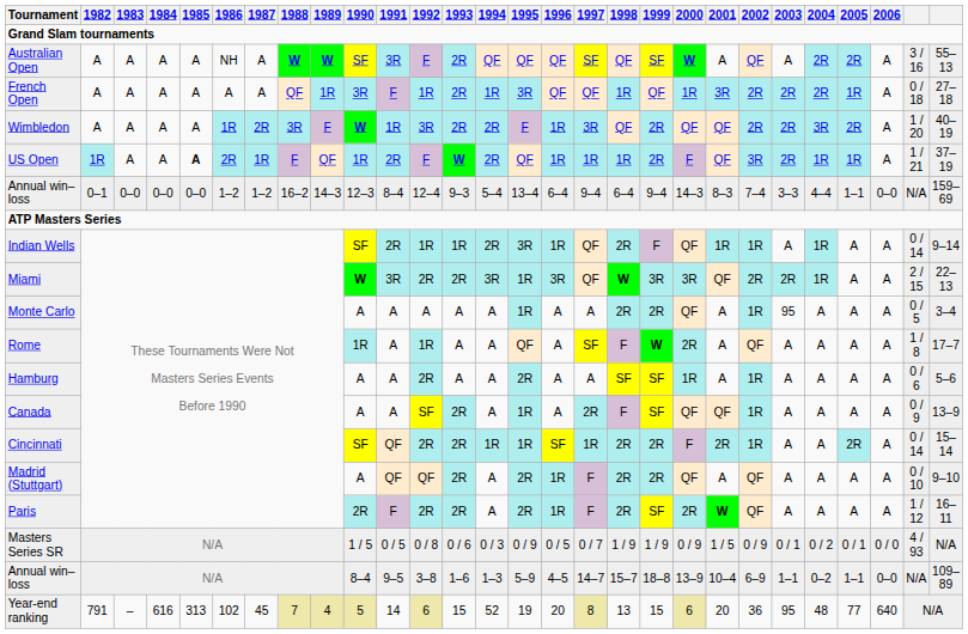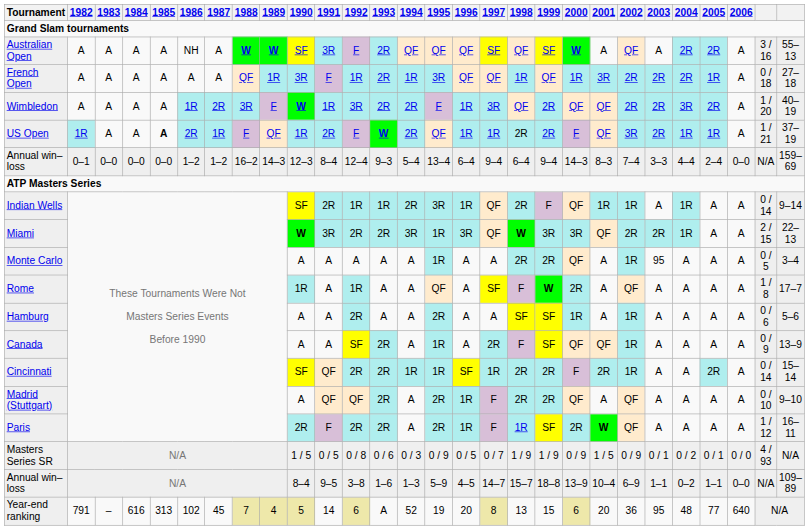 <table class="wikitable style=text-align:center;font-size:97%">
 <tr>
 <th>Tournament</th>
 <th><a href='#'>1982</a></th>
 <th><a href='#'>1983</a></th>
 <th><a href='#'>1984</a></th>
 <th><a href='#'>1985</a></th>
 <th><a href='#'>1986</a></th>
 <th><a href='#'>1987</a></th>
 <th><a href='#'>1988</a></th>
 <th><a href='#'>1989</a></th>
 <th><a href='#'>1990</a></th>
 <th><a href='#'>1991</a></th>
 <th><a href='#'>1992</a></th>
 <th><a href='#'>1993</a></th>
 <th><a href='#'>1994</a></th>
 <th><a href='#'>1995</a></th>
 <th><a href='#'>1996</a></th>
 <th><a href='#'>1997</a></th>
 <th><a href='#'>1998</a></th>
 <th><a href='#'>1999</a></th>
 <th><a href='#'>2000</a></th>
 <th><a href='#'>2001</a></th>
 <th><a href='#'>2002</a></th>
 <th><a href='#'>2003</a></th>
 <th><a href='#'>2004</a></th>
 <th><a href='#'>2005</a></th>
 <th><a href='#'>2006</a></th>
 <th></th>
 <th></th>
 </tr>
 <tr>
 <td colspan="29"><strong>Grand Slam tournaments</strong></td>
 </tr>
 <tr>
 <td bgcolor="#efefef"><a href='#'>Australian Open</a></td>
 <td align="center">A</td>
 <td align="center">A</td>
 <td align="center">A</td>
 <td align="center">A</td>
 <td align="center">NH</td>
 <td align="center">A</td>
 <td align="center" style="background:#00ff00;"><a href='#'><strong>W</strong></a></td>
 <td align="center" style="background:#00ff00;"><a href='#'><strong>W</strong></a></td>
 <td align="center" style="background:yellow;"><a href='#'>SF</a></td>
 <td align="center" style="background:#afeeee;"><a href='#'>3R</a></td>
 <td align="center" style="background:#D8BFD8;"><a href='#'>F</a></td>
 <td align="center" style="background:#afeeee;"><a href='#'>2R</a></td>
 <td align="center" style="background:#ffebcd;"><a href='#'>QF</a></td>
 <td align="center" style="background:#ffebcd;"><a href='#'>QF</a></td>
 <td align="center" style="background:#ffebcd;"><a href='#'>QF</a></td>
 <td align="center" style="background:yellow;"><a href='#'>SF</a></td>
 <td align="center" style="background:#ffebcd;"><a href='#'>QF</a></td>
 <td align="center" style="background:yellow;"><a href='#'>SF</a></td>
 <td align="center" style="background:#00ff00;"><a href='#'><strong>W</strong></a></td>
 <td align="center">A</td>
 <td align="center" style="background:#ffebcd;"><a href='#'>QF</a></td>
 <td align="center">A</td>
 <td align="center" style="background:#afeeee;"><a href='#'>2R</a></td>
 <td align="center" style="background:#afeeee;"><a href='#'>2R</a></td>
 <td align="center">A</td>
 <td align="center" style="background:#EFEFEF;">3 / 16</td>
 <td align="center" style="background:#EFEFEF;">55–13</td>
 </tr>
 <tr>
 <td bgcolor="#efefef"><a href='#'>French Open</a></td>
 <td align="center">A</td>
 <td align="center">A</td>
 <td align="center">A</td>
 <td align="center">A</td>
 <td align="center">A</td>
 <td align="center">A</td>
 <td align="center" style="background:#ffebcd;"><a href='#'>QF</a></td>
 <td align="center" style="background:#afeeee;"><a href='#'>1R</a></td>
 <td align="center" style="background:#afeeee;"><a href='#'>3R</a></td>
 <td align="center" style="background:#D8BFD8;"><a href='#'>F</a></td>
 <td align="center" style="background:#afeeee;"><a href='#'>1R</a></td>
 <td align="center" style="background:#afeeee;"><a href='#'>2R</a></td>
 <td align="center" style="background:#afeeee;"><a href='#'>1R</a></td>
 <td align="center" style="background:#afeeee;"><a href='#'>3R</a></td>
 <td align="center" style="background:#ffebcd;"><a href='#'>QF</a></td>
 <td align="center" style="background:#ffebcd;"><a href='#'>QF</a></td>
 <td align="center" style="background:#afeeee;"><a href='#'>1R</a></td>
 <td align="center" style="background:#ffebcd;"><a href='#'>QF</a></td>
 <td align="center" style="background:#afeeee;"><a href='#'>1R</a></td>
 <td align="center" style="background:#afeeee;"><a href='#'>3R</a></td>
 <td align="center" style="background:#afeeee;"><a href='#'>2R</a></td>
 <td align="center" style="background:#afeeee;"><a href='#'>2R</a></td>
 <td align="center" style="background:#afeeee;"><a href='#'>2R</a></td>
 <td align="center" style="background:#afeeee;"><a href='#'>1R</a></td>
 <td align="center">A</td>
 <td align="center" style="background:#EFEFEF;">0 / 18</td>
 <td align="center" style="background:#EFEFEF;">27–18</td>
 </tr>
 <tr>
 <td bgcolor="#efefef"><a href='#'>Wimbledon</a></td>
 <td align="center">A</td>
 <td align="center">A</td>
 <td align="center">A</td>
 <td align="center">A</td>
 <td align="center" style="background:#afeeee;"><a href='#'>1R</a></td>
 <td align="center" style="background:#afeeee;"><a href='#'>2R</a></td>
 <td align="center" style="background:#afeeee;"><a href='#'>3R</a></td>
 <td align="center" style="background:#D8BFD8;"><a href='#'>F</a></td>
 <td align="center" style="background:#00ff00;"><a href='#'><strong>W</strong></a></td>
 <td align="center" style="background:#afeeee;"><a href='#'>1R</a></td>
 <td align="center" style="background:#afeeee;"><a href='#'>3R</a></td>
 <td align="center" style="background:#afeeee;"><a href='#'>2R</a></td>
 <td align="center" style="background:#afeeee;"><a href='#'>2R</a></td>
 <td align="center" style="background:#D8BFD8;"><a href='#'>F</a></td>
 <td align="center" style="background:#afeeee;"><a href='#'>1R</a></td>
 <td align="center" style="background:#afeeee;"><a href='#'>3R</a></td>
 <td align="center" style="background:#ffebcd;"><a href='#'>QF</a></td>
 <td align="center" style="background:#afeeee;"><a href='#'>2R</a></td>
 <td align="center" style="background:#ffebcd;"><a href='#'>QF</a></td>
 <td align="center" style="background:#ffebcd;"><a href='#'>QF</a></td>
 <td align="center" style="background:#afeeee;"><a href='#'>2R</a></td>
 <td align="center" style="background:#afeeee;"><a href='#'>2R</a></td>
 <td align="center" style="background:#afeeee;"><a href='#'>3R</a></td>
 <td align="center" style="background:#afeeee;"><a href='#'>2R</a></td>
 <td align="center">A</td>
 <td align="center" style="background:#EFEFEF;">1 / 20</td>
 <td align="center" style="background:#EFEFEF;">40–19</td>
 </tr>
 <tr>
 <td bgcolor="#efefef"><a href='#'>US Open</a></td>
 <td align="center" style="background:#afeeee;"><a href='#'>1R</a></td>
 <td align="center">A</td>
 <td align="center">A</td>
 <td align="center"><strong>A</strong></td>
 <td align="center" style="background:#afeeee;"><a href='#'>2R</a></td>
 <td align="center" style="background:#afeeee;"><a href='#'>1R</a></td>
 <td align="center" style="background:#D8BFD8;"><a href='#'>F</a></td>
 <td align="center" style="background:#ffebcd;"><a href='#'>QF</a></td>
 <td align="center" style="background:#afeeee;"><a href='#'>1R</a></td>
 <td align="center" style="background:#afeeee;"><a href='#'>2R</a></td>
 <td align="center" style="background:#D8BFD8;"><a href='#'>F</a></td>
 <td align="center" style="background:#00ff00;"><a href='#'><strong>W</strong></a></td>
 <td align="center" style="background:#afeeee;"><a href='#'>2R</a></td>
 <td align="center" style="background:#ffebcd;"><a href='#'>QF</a></td>
 <td align="center" style="background:#afeeee;"><a href='#'>1R</a></td>
 <td align="center" style="background:#afeeee;"><a href='#'>1R</a></td>
-<td align="center" style="background:#afeeee;"><a href='#'>1R</a></td>
+<td align="center" style="background:#afeeee;">2R</td>
 <td align="center" style="background:#afeeee;"><a href='#'>2R</a></td>
 <td align="center" style="background:#D8BFD8;"><a href='#'>F</a></td>
 <td align="center" style="background:#ffebcd;"><a href='#'>QF</a></td>
 <td align="center" style="background:#afeeee;"><a href='#'>3R</a></td>
 <td align="center" style="background:#afeeee;"><a href='#'>2R</a></td>
 <td align="center" style="background:#afeeee;"><a href='#'>1R</a></td>
 <td align="center" style="background:#afeeee;"><a href='#'>1R</a></td>
 <td align="center">A</td>
 <td align="center" style="background:#EFEFEF;">1 / 21</td>
 <td align="center" style="background:#EFEFEF;">37–19</td>
 </tr>
 <tr>
 <td style="background:#EFEFEF;">Annual win–loss</td>
 <td align="center" style="background:#EFEFEF;">0–1</td>
 <td align="center" style="background:#EFEFEF;">0–0</td>
 <td align="center" style="background:#EFEFEF;">0–0</td>
 <td align="center" style="background:#EFEFEF;">0–0</td>
 <td align="center" style="background:#EFEFEF;">1–2</td>
 <td align="center" style="background:#EFEFEF;">1–2</td>
 <td align="center" style="background:#EFEFEF;">16–2</td>
 <td align="center" style="background:#EFEFEF;">14–3</td>
 <td align="center" style="background:#EFEFEF;">12–3</td>
 <td align="center" style="background:#EFEFEF;">8–4</td>
 <td align="center" style="background:#EFEFEF;">12–4</td>
 <td align="center" style="background:#EFEFEF;">9–3</td>
 <td align="center" style="background:#EFEFEF;">5–4</td>
 <td align="center" style="background:#EFEFEF;">13–4</td>
 <td align="center" style="background:#EFEFEF;">6–4</td>
 <td align="center" style="background:#EFEFEF;">9–4</td>
 <td align="center" style="background:#EFEFEF;">6–4</td>
 <td align="center" style="background:#EFEFEF;">9–4</td>
 <td align="center" style="background:#EFEFEF;">14–3</td>
 <td align="center" style="background:#EFEFEF;">8–3</td>
 <td align="center" style="background:#EFEFEF;">7–4</td>
 <td align="center" style="background:#EFEFEF;">3–3</td>
 <td align="center" style="background:#EFEFEF;">4–4</td>
-<td align="center" style="background:#EFEFEF;">1–1</td>
+<td align="center" style="background:#EFEFEF;">2–4</td>
 <td align="center" style="background:#EFEFEF;">0–0</td>
 <td align="center" style="background:#EFEFEF;">N/A</td>
 <td align="center" style="background:#EFEFEF;">159–69</td>
 </tr>
 <tr>
 <td colspan="29"><strong>ATP Masters Series</strong></td>
 </tr>
 <tr>
 <td style="background:#EFEFEF;"><a href='#'>Indian Wells</a></td>
 <td align="center" colspan="8" rowspan="9" style="color:#767676;">These Tournaments Were Not<br><br>Masters Series Events<br><br>Before 1990</td>
 <td align="center" style="background:yellow;">SF</td>
 <td align="center" style="background:#afeeee;">2R</td>
 <td align="center" style="background:#afeeee;">1R</td>
 <td align="center" style="background:#afeeee;">1R</td>
 <td align="center" style="background:#afeeee;">2R</td>
 <td align="center" style="background:#afeeee;">3R</td>
 <td align="center" style="background:#afeeee;">1R</td>
 <td align="center" style="background:#ffebcd;">QF</td>
 <td align="center" style="background:#afeeee;">2R</td>
 <td align="center" style="background:#D8BFD8;">F</td>
 <td align="center" style="background:#ffebcd;">QF</td>
 <td align="center" style="background:#afeeee;">1R</td>
 <td align="center" style="background:#afeeee;">1R</td>
 <td align="center">A</td>
 <td align="center" style="background:#afeeee;">1R</td>
 <td align="center">A</td>
 <td align="center">A</td>
 <td align="center" style="background:#EFEFEF;">0 / 14</td>
 <td align="center" style="background:#EFEFEF;">9–14</td>
 </tr>
 <tr>
 <td style="background:#EFEFEF;"><a href='#'>Miami</a></td>
 <td align="center" style="background:#00ff00;"><strong>W</strong></td>
 <td align="center" style="background:#afeeee;">3R</td>
 <td align="center" style="background:#afeeee;">2R</td>
 <td align="center" style="background:#afeeee;">2R</td>
 <td align="center" style="background:#afeeee;">3R</td>
 <td align="center" style="background:#afeeee;">1R</td>
 <td align="center" style="background:#afeeee;">3R</td>
 <td align="center" style="background:#ffebcd;">QF</td>
 <td align="center" style="background:#00ff00;"><strong>W</strong></td>
 <td align="center" style="background:#afeeee;">3R</td>
 <td align="center" style="background:#afeeee;">3R</td>
 <td align="center" style="background:#ffebcd;">QF</td>
 <td align="center" style="background:#afeeee;">2R</td>
 <td align="center" style="background:#afeeee;">2R</td>
 <td align="center" style="background:#afeeee;">1R</td>
 <td align="center">A</td>
 <td align="center">A</td>
 <td align="center" style="background:#EFEFEF;">2 / 15</td>
 <td align="center" style="background:#EFEFEF;">22–13</td>
 </tr>
 <tr>
 <td style="background:#EFEFEF;"><a href='#'>Monte Carlo</a></td>
 <td align="center">A</td>
 <td align="center">A</td>
 <td align="center">A</td>
 <td align="center">A</td>
 <td align="center">A</td>
 <td align="center" style="background:#afeeee;">1R</td>
 <td align="center">A</td>
 <td align="center">A</td>
 <td align="center" style="background:#afeeee;">2R</td>
 <td align="center" style="background:#afeeee;">2R</td>
 <td align="center" style="background:#ffebcd;">QF</td>
 <td align="center">A</td>
 <td align="center" style="background:#afeeee;">1R</td>
 <td align="center">95</td>
 <td align="center">A</td>
 <td align="center">A</td>
 <td align="center">A</td>
 <td align="center" style="background:#EFEFEF;">0 / 5</td>
 <td align="center" style="background:#EFEFEF;">3–4</td>
 </tr>
 <tr>
 <td style="background:#EFEFEF;"><a href='#'>Rome</a></td>
 <td align="center" style="background:#afeeee;">1R</td>
 <td align="center">A</td>
 <td align="center" style="background:#afeeee;">1R</td>
 <td align="center">A</td>
 <td align="center">A</td>
 <td align="center" style="background:#ffebcd;">QF</td>
 <td align="center">A</td>
 <td align="center" style="background:yellow;">SF</td>
 <td align="center" style="background:#D8BFD8;">F</td>
 <td align="center" style="background:#00ff00;"><strong>W</strong></td>
 <td align="center" style="background:#afeeee;">2R</td>
 <td align="center">A</td>
 <td align="center" style="background:#ffebcd;">QF</td>
 <td align="center">A</td>
 <td align="center">A</td>
 <td align="center">A</td>
 <td align="center">A</td>
 <td align="center" style="background:#EFEFEF;">1 / 8</td>
 <td align="center" style="background:#EFEFEF;">17–7</td>
 </tr>
 <tr>
 <td style="background:#EFEFEF;"><a href='#'>Hamburg</a></td>
 <td align="center">A</td>
 <td align="center">A</td>
 <td align="center" style="background:#afeeee;">2R</td>
 <td align="center">A</td>
 <td align="center">A</td>
 <td align="center" style="background:#afeeee;">2R</td>
 <td align="center">A</td>
 <td align="center">A</td>
 <td align="center" style="background:yellow;">SF</td>
 <td align="center" style="background:yellow;">SF</td>
 <td align="center" style="background:#afeeee;">1R</td>
 <td align="center">A</td>
 <td align="center" style="background:#afeeee;">1R</td>
 <td align="center">A</td>
 <td align="center">A</td>
 <td align="center">A</td>
 <td align="center">A</td>
 <td align="center" style="background:#EFEFEF;">0 / 6</td>
 <td align="center" style="background:#EFEFEF;">5–6</td>
 </tr>
 <tr>
 <td style="background:#EFEFEF;"><a href='#'>Canada</a></td>
 <td align="center">A</td>
 <td align="center">A</td>
 <td align="center" style="background:yellow;">SF</td>
 <td align="center" style="background:#afeeee;">2R</td>
 <td align="center">A</td>
 <td align="center" style="background:#afeeee;">1R</td>
 <td align="center">A</td>
 <td align="center" style="background:#afeeee;">2R</td>
 <td align="center" style="background:#D8BFD8;">F</td>
 <td align="center" style="background:yellow;">SF</td>
 <td align="center" style="background:#ffebcd;">QF</td>
 <td align="center" style="background:#ffebcd;">QF</td>
 <td align="center" style="background:#afeeee;">1R</td>
 <td align="center">A</td>
 <td align="center">A</td>
 <td align="center">A</td>
 <td align="center">A</td>
 <td align="center" style="background:#EFEFEF;">0 / 9</td>
 <td align="center" style="background:#EFEFEF;">13–9</td>
 </tr>
 <tr>
 <td style="background:#EFEFEF;"><a href='#'>Cincinnati</a></td>
 <td align="center" style="background:yellow;">SF</td>
 <td align="center" style="background:#ffebcd;">QF</td>
 <td align="center" style="background:#afeeee;">2R</td>
 <td align="center" style="background:#afeeee;">2R</td>
 <td align="center" style="background:#afeeee;">1R</td>
 <td align="center" style="background:#afeeee;">1R</td>
 <td align="center" style="background:yellow;">SF</td>
 <td align="center" style="background:#afeeee;">1R</td>
 <td align="center" style="background:#afeeee;">2R</td>
 <td align="center" style="background:#afeeee;">2R</td>
 <td align="center" style="background:#D8BFD8;">F</td>
 <td align="center" style="background:#afeeee;">2R</td>
 <td align="center" style="background:#afeeee;">1R</td>
 <td align="center">A</td>
 <td align="center">A</td>
 <td align="center" style="background:#afeeee;">2R</td>
 <td align="center">A</td>
 <td align="center" style="background:#EFEFEF;">0 / 14</td>
 <td align="center" style="background:#EFEFEF;">15–14</td>
 </tr>
 <tr>
 <td style="background:#EFEFEF;"><a href='#'>Madrid (Stuttgart)</a></td>
 <td align="center">A</td>
 <td align="center" style="background:#ffebcd;">QF</td>
 <td align="center" style="background:#ffebcd;">QF</td>
 <td align="center" style="background:#afeeee;">2R</td>
 <td align="center">A</td>
 <td align="center" style="background:#afeeee;">2R</td>
 <td align="center" style="background:#afeeee;">1R</td>
 <td align="center" style="background:#D8BFD8;">F</td>
 <td align="center" style="background:#afeeee;">2R</td>
 <td align="center" style="background:#afeeee;">2R</td>
 <td align="center" style="background:#ffebcd;">QF</td>
 <td align="center">A</td>
 <td align="center" style="background:#ffebcd;">QF</td>
 <td align="center">A</td>
 <td align="center">A</td>
 <td align="center">A</td>
 <td align="center">A</td>
 <td align="center" style="background:#EFEFEF;">0 / 10</td>
 <td align="center" style="background:#EFEFEF;">9–10</td>
 </tr>
 <tr>
 <td style="background:#EFEFEF;"><a href='#'>Paris</a></td>
 <td align="center" style="background:#afeeee;">2R</td>
 <td align="center" style="background:#D8BFD8;">F</td>
 <td align="center" style="background:#afeeee;">2R</td>
 <td align="center" style="background:#afeeee;">2R</td>
 <td align="center">A</td>
 <td align="center" style="background:#afeeee;">2R</td>
 <td align="center" style="background:#afeeee;">1R</td>
 <td align="center" style="background:#D8BFD8;">F</td>
-<td align="center" style="background:#afeeee;">2R</td>
+<td align="center" style="background:#afeeee;"><a href='#'>1R</a></td>
 <td align="center" style="background:yellow;">SF</td>
 <td align="center" style="background:#afeeee;">2R</td>
 <td align="center" style="background:#00ff00;"><strong>W</strong></td>
 <td align="center" style="background:#ffebcd;">QF</td>
 <td align="center">A</td>
 <td align="center">A</td>
 <td align="center">A</td>
 <td align="center">A</td>
 <td align="center" style="background:#EFEFEF;">1 / 12</td>
 <td align="center" style="background:#EFEFEF;">16–11</td>
 </tr>
 <tr bgcolor="#efefef">
 <td>Masters Series SR</td>
 <td align="center" colspan="8" style="color:#767676;">N/A</td>
 <td align="center">1 / 5</td>
 <td align="center">0 / 5</td>
 <td align="center">0 / 8</td>
 <td align="center">0 / 6</td>
 <td align="center">0 / 3</td>
 <td align="center">0 / 9</td>
 <td align="center">0 / 5</td>
 <td align="center">0 / 7</td>
 <td align="center">1 / 9</td>
 <td align="center">1 / 9</td>
 <td align="center">0 / 9</td>
 <td align="center">1 / 5</td>
 <td align="center">0 / 9</td>
 <td align="center">0 / 1</td>
 <td align="center">0 / 2</td>
 <td align="center">0 / 1</td>
 <td align="center">0 / 0</td>
 <td align="center">4 / 93</td>
 <td align="center" style="background:#EFEFEF;">N/A</td>
 </tr>
 <tr bgcolor="#efefef">
 <td style="background:#EFEFEF;">Annual win–loss</td>
 <td align="center" colspan="8" style="color:#767676;">N/A</td>
 <td align="center" style="background:#EFEFEF;">8–4</td>
 <td align="center" style="background:#EFEFEF;">9–5</td>
 <td align="center" style="background:#EFEFEF;">3–8</td>
 <td align="center" style="background:#EFEFEF;">1–6</td>
 <td align="center" style="background:#EFEFEF;">1–3</td>
 <td align="center" style="background:#EFEFEF;">5–9</td>
 <td align="center" style="background:#EFEFEF;">4–5</td>
 <td align="center" style="background:#EFEFEF;">14–7</td>
 <td align="center" style="background:#EFEFEF;">15–7</td>
 <td align="center" style="background:#EFEFEF;">18–8</td>
 <td align="center" style="background:#EFEFEF;">13–9</td>
 <td align="center" style="background:#EFEFEF;">10–4</td>
 <td align="center" style="background:#EFEFEF;">6–9</td>
 <td align="center" style="background:#EFEFEF;">1–1</td>
 <td align="center" style="background:#EFEFEF;">0–2</td>
 <td align="center" style="background:#EFEFEF;">1–1</td>
 <td align="center" style="background:#EFEFEF;">0–0</td>
 <td align="center" style="background:#EFEFEF;">N/A</td>
 <td align="center" style="background:#EFEFEF;">109–89</td>
 </tr>
 <tr>
 <td style="background:#EFEFEF;">Year-end ranking</td>
 <td align="center">791</td>
 <td align="center">–</td>
 <td align="center">616</td>
 <td align="center">313</td>
 <td align="center">102</td>
 <td align="center">45</td>
 <td align="center" style="background:#EEE8AA;">7</td>
 <td align="center" style="background:#EEE8AA;">4</td>
 <td align="center" style="background:#EEE8AA;">5</td>
 <td align="center">14</td>
 <td align="center" style="background:#EEE8AA;">6</td>
-<td align="center">15</td>
+<td align="center">A</td>
 <td align="center">52</td>
 <td align="center">19</td>
 <td align="center">20</td>
 <td align="center" style="background:#EEE8AA;">8</td>
 <td align="center">13</td>
 <td align="center">15</td>
 <td align="center" style="background:#EEE8AA;">6</td>
 <td align="center">20</td>
 <td align="center">36</td>
 <td align="center">95</td>
 <td align="center">48</td>
 <td align="center">77</td>
 <td align="center">640</td>
 <td colspan=2 align="center" style="background:#EFEFEF;">N/A</td>
 </tr>
 </table>
